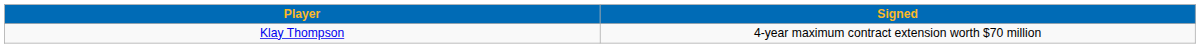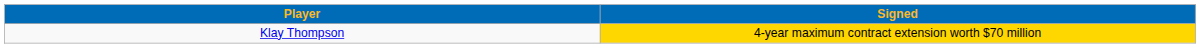 <table class="wikitable sortable sortable">
 <tr>
 <th style="background:#006bb6; color:#fdb927" width="10%">Player</th>
 <th style="background:#006bb6; color:#fdb927" width="10%">Signed</th>
 </tr>
 <tr style="text-align: center">
 <td><a href='#'>Klay Thompson</a></td>
-<td>4-year maximum contract extension worth $70 million</td>
+<td style="background: gold;">4-year maximum contract extension worth $70 million</td>
 </tr>
 </table>
